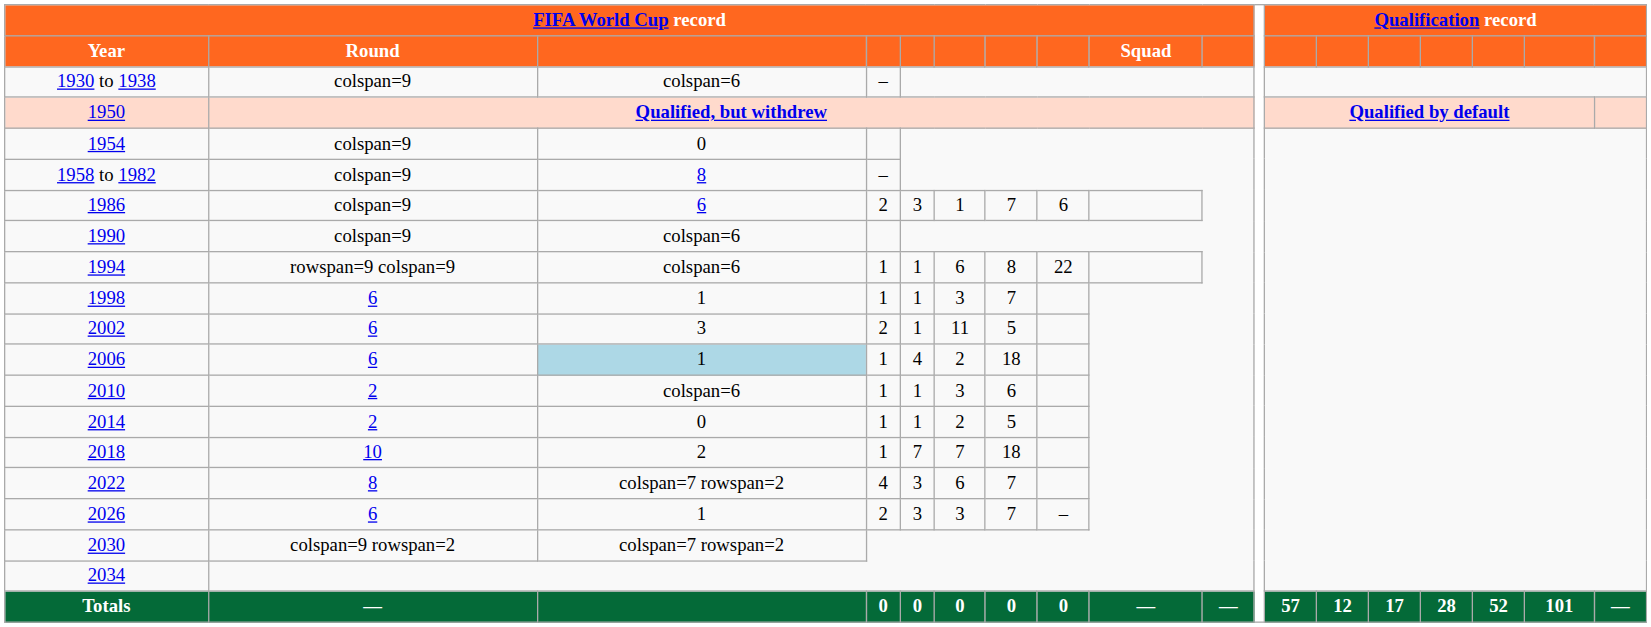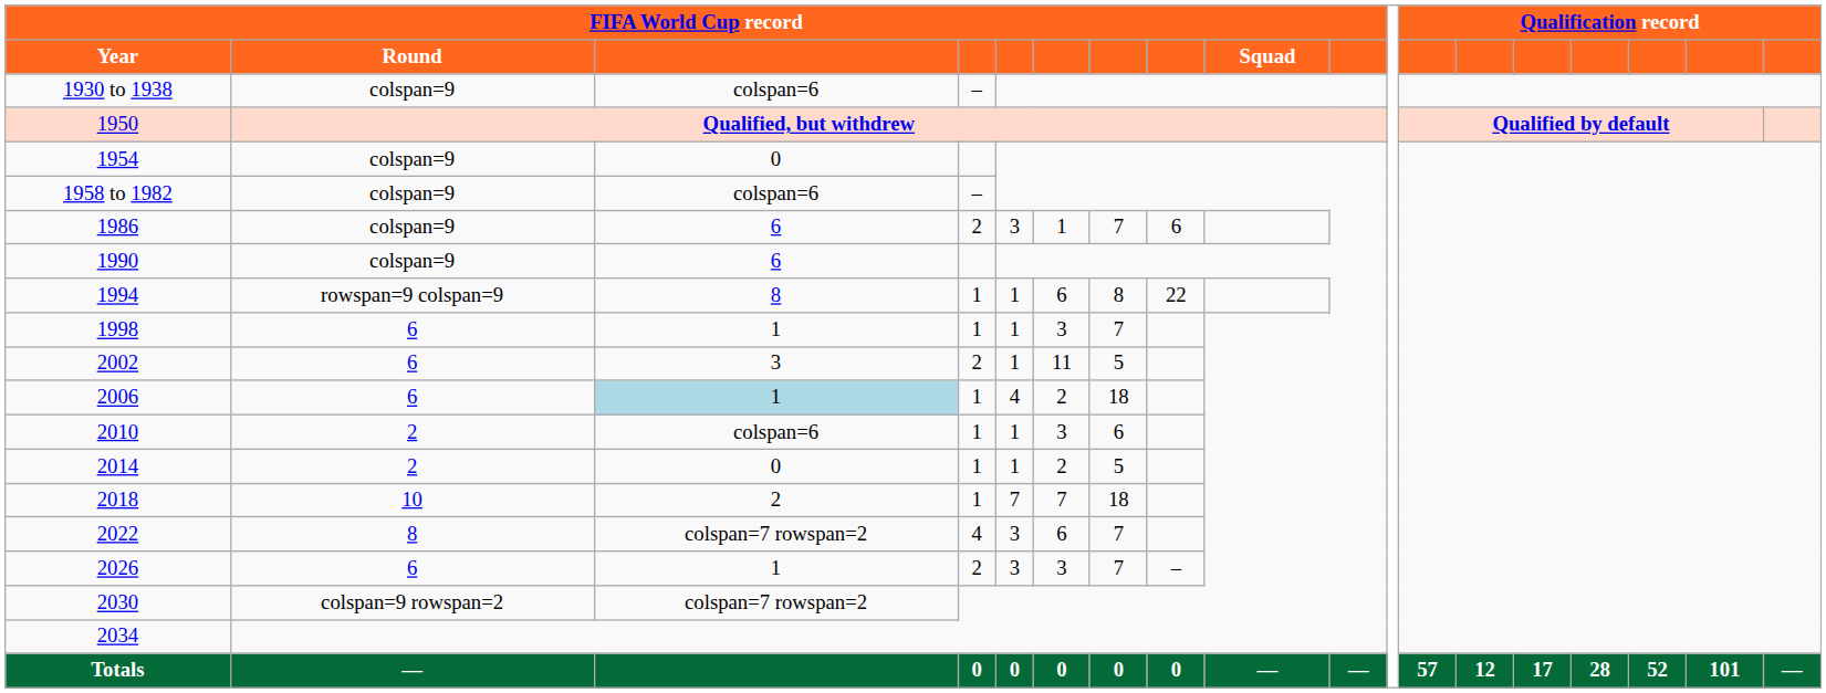 <table class="wikitable" style="font-size:90%; text-align:center;" width="100%" class="wikitable">
 <tr>
 <th colspan=10 style="background:#FF671F; color:white; "><a href='#'>FIFA World Cup</a> record</th>
 <th width="1" rowspan=28 style="background:#FFFFFF; color:white"></th>
 <th colspan=7 style="background:#FF671F; color:white; "><a href='#'>Qualification</a> record</th>
 </tr>
 <tr>
 <th style="background:#FF671F; color:white; ">Year</th>
 <th style="background:#FF671F; color:white; ">Round</th>
 <th style="background:#FF671F; color:white; "></th>
 <th style="background:#FF671F; color:white; "></th>
 <th style="background:#FF671F; color:white; "></th>
 <th style="background:#FF671F; color:white; "></th>
 <th style="background:#FF671F; color:white; "></th>
 <th style="background:#FF671F; color:white; "></th>
 <th style="background:#FF671F; color:white; ">Squad</th>
 <th style="background:#FF671F; color:white; "></th>
 <th style="background:#FF671F; color:white; "></th>
 <th style="background:#FF671F; color:white; "></th>
 <th style="background:#FF671F; color:white; "></th>
 <th style="background:#FF671F; color:white; "></th>
 <th style="background:#FF671F; color:white; "></th>
 <th style="background:#FF671F; color:white; "></th>
 <th style="background:#FF671F; color:white; "></th>
 </tr>
 <tr>
 <td> <a href='#'>1930</a> to  <a href='#'>1938</a></td>
 <td>colspan=9 </td>
 <td>colspan=6 </td>
 <td>–</td>
 </tr>
 <tr style="background:#FFDACC">
 <td> <a href='#'>1950</a></td>
 <td colspan=9><strong><a href='#'>Qualified, but withdrew</a></strong></td>
 <td colspan=6><strong><a href='#'>Qualified by default</a></strong></td>
 <td></td>
 </tr>
 <tr>
 <td> <a href='#'>1954</a></td>
 <td>colspan=9 </td>
 <td>0</td>
 <td></td>
 </tr>
 <tr>
 <td> <a href='#'>1958</a> to  <a href='#'>1982</a></td>
 <td>colspan=9 </td>
-<td><a href='#'>8</a></td>
+<td>colspan=6 </td>
 <td>–</td>
 </tr>
 <tr>
 <td> <a href='#'>1986</a></td>
 <td>colspan=9 </td>
 <td><a href='#'>6</a></td>
 <td>2</td>
 <td>3</td>
 <td>1</td>
 <td>7</td>
 <td>6</td>
 <td></td>
 </tr>
 <tr>
 <td> <a href='#'>1990</a></td>
 <td>colspan=9 </td>
-<td>colspan=6 </td>
+<td><a href='#'>6</a></td>
 <td></td>
 </tr>
 <tr>
 <td> <a href='#'>1994</a></td>
 <td>rowspan=9 colspan=9 </td>
-<td>colspan=6 </td>
+<td><a href='#'>8</a></td>
 <td>1</td>
 <td>1</td>
 <td>6</td>
 <td>8</td>
 <td>22</td>
 <td></td>
 </tr>
 <tr>
 <td> <a href='#'>1998</a></td>
 <td><a href='#'>6</a></td>
 <td>1</td>
 <td>1</td>
 <td>1</td>
 <td>3</td>
 <td>7</td>
 <td></td>
 </tr>
 <tr>
 <td>  <a href='#'>2002</a></td>
 <td><a href='#'>6</a></td>
 <td>3</td>
 <td>2</td>
 <td>1</td>
 <td>11</td>
 <td>5</td>
 <td></td>
 </tr>
 <tr>
 <td> <a href='#'>2006</a></td>
 <td><a href='#'>6</a></td>
 <td style="background: lightblue;">1</td>
 <td>1</td>
 <td>4</td>
 <td>2</td>
 <td>18</td>
 <td></td>
 </tr>
 <tr>
 <td> <a href='#'>2010</a></td>
 <td><a href='#'>2</a></td>
 <td>colspan=6 </td>
 <td>1</td>
 <td>1</td>
 <td>3</td>
 <td>6</td>
 <td></td>
 </tr>
 <tr>
 <td> <a href='#'>2014</a></td>
 <td><a href='#'>2</a></td>
 <td>0</td>
 <td>1</td>
 <td>1</td>
 <td>2</td>
 <td>5</td>
 <td></td>
 </tr>
 <tr>
 <td> <a href='#'>2018</a></td>
 <td><a href='#'>10</a></td>
 <td>2</td>
 <td>1</td>
 <td>7</td>
 <td>7</td>
 <td>18</td>
 <td></td>
 </tr>
 <tr>
 <td> <a href='#'>2022</a></td>
 <td><a href='#'>8</a></td>
 <td>colspan=7 rowspan=2 </td>
 <td>4</td>
 <td>3</td>
 <td>6</td>
 <td>7</td>
 <td></td>
 </tr>
 <tr>
 <td>   <a href='#'>2026</a></td>
 <td><a href='#'>6</a></td>
 <td>1</td>
 <td>2</td>
 <td>3</td>
 <td>3</td>
 <td>7</td>
 <td>–</td>
 </tr>
 <tr>
 <td>   <a href='#'>2030</a></td>
 <td>colspan=9 rowspan=2 </td>
 <td>colspan=7 rowspan=2 </td>
 </tr>
 <tr>
 <td> <a href='#'>2034</a></td>
 </tr>
 <tr>
 <th style="background:#046A38; color:white; "><strong>Totals</strong></th>
 <th style="background:#046A38; color:white; ">—</th>
 <th style="background:#046A38; color:white; "></th>
 <th style="background:#046A38; color:white; ">0</th>
 <th style="background:#046A38; color:white; ">0</th>
 <th style="background:#046A38; color:white; ">0</th>
 <th style="background:#046A38; color:white; ">0</th>
 <th style="background:#046A38; color:white; ">0</th>
 <th style="background:#046A38; color:white; ">—</th>
 <th style="background:#046A38; color:white; ">—</th>
 <th style="background:#046A38; color:white; ">57</th>
 <th style="background:#046A38; color:white; ">12</th>
 <th style="background:#046A38; color:white; ">17</th>
 <th style="background:#046A38; color:white; ">28</th>
 <th style="background:#046A38; color:white; ">52</th>
 <th style="background:#046A38; color:white; ">101</th>
 <th style="background:#046A38; color:white; ">—</th>
 </tr>
 </table>
